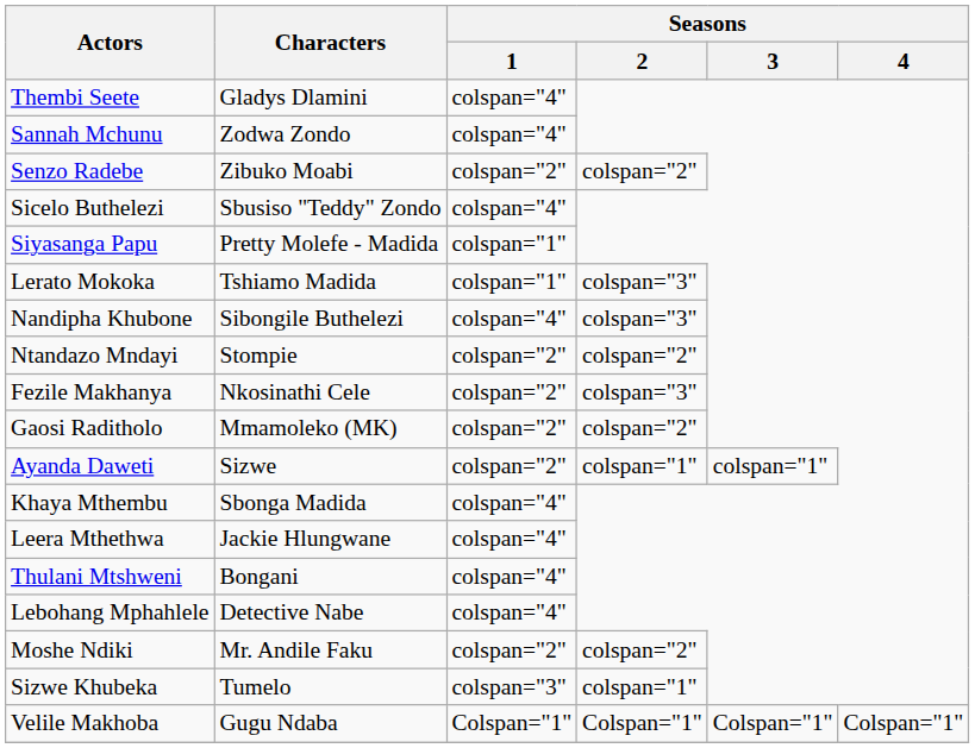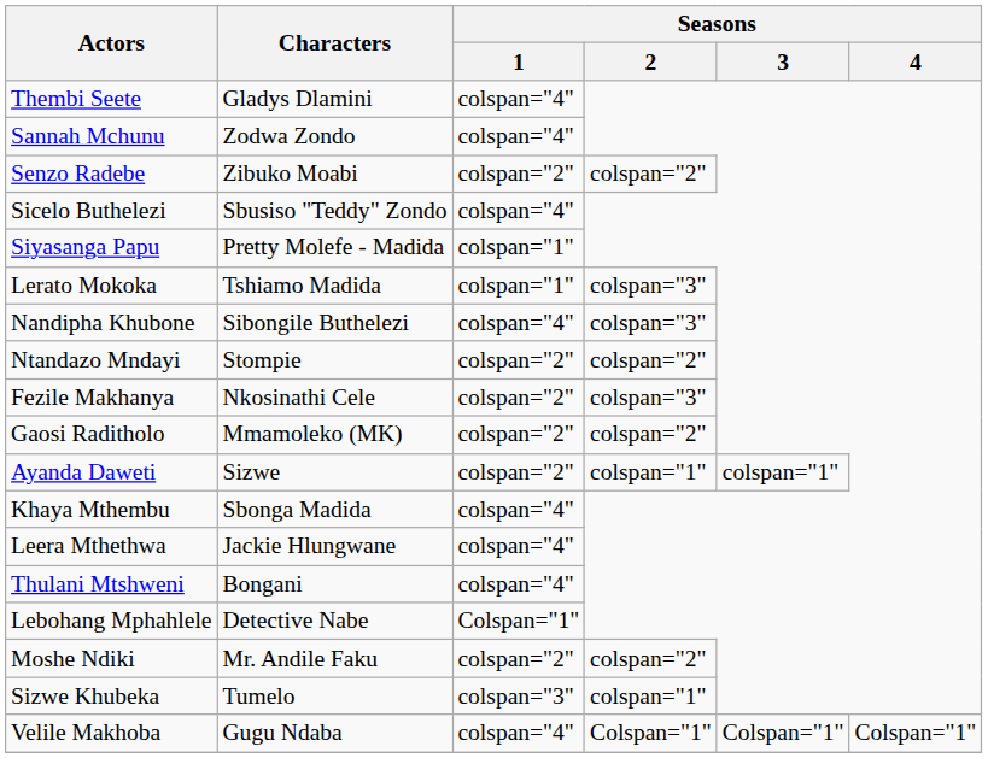 <table class="wikitable">
 <tr>
 <th rowspan="2">Actors</th>
 <th rowspan="2">Characters</th>
 <th colspan="4">Seasons</th>
 </tr>
 <tr>
 <th>1</th>
 <th>2</th>
 <th>3</th>
 <th>4</th>
 </tr>
 <tr>
 <td><a href='#'>Thembi Seete</a></td>
 <td>Gladys Dlamini</td>
 <td>colspan="4" </td>
 </tr>
 <tr>
 <td><a href='#'>Sannah Mchunu</a></td>
 <td>Zodwa Zondo</td>
 <td>colspan="4" </td>
 </tr>
 <tr>
 <td><a href='#'>Senzo Radebe</a></td>
 <td>Zibuko Moabi</td>
 <td>colspan="2" </td>
 <td>colspan="2" </td>
 </tr>
 <tr>
 <td>Sicelo Buthelezi</td>
 <td>Sbusiso "Teddy" Zondo</td>
 <td>colspan="4" </td>
 </tr>
 <tr>
 <td><a href='#'>Siyasanga Papu</a></td>
 <td>Pretty Molefe - Madida</td>
 <td>colspan="1" </td>
 </tr>
 <tr>
 <td>Lerato Mokoka</td>
 <td>Tshiamo Madida</td>
 <td>colspan="1"</td>
 <td>colspan="3" </td>
 </tr>
 <tr>
 <td>Nandipha Khubone</td>
 <td>Sibongile Buthelezi</td>
 <td>colspan="4" </td>
 <td>colspan="3"</td>
 </tr>
 <tr>
 <td>Ntandazo Mndayi</td>
 <td>Stompie</td>
 <td>colspan="2"</td>
 <td>colspan="2" </td>
 </tr>
 <tr>
 <td>Fezile Makhanya</td>
 <td>Nkosinathi Cele</td>
 <td>colspan="2" </td>
 <td>colspan="3"</td>
 </tr>
 <tr>
 <td>Gaosi Raditholo</td>
 <td>Mmamoleko (MK)</td>
 <td>colspan="2" </td>
 <td>colspan="2" </td>
 </tr>
 <tr>
 <td><a href='#'>Ayanda Daweti</a></td>
 <td>Sizwe</td>
 <td>colspan="2" </td>
 <td>colspan="1" </td>
 <td>colspan="1"</td>
 </tr>
 <tr>
 <td>Khaya Mthembu</td>
 <td>Sbonga Madida</td>
 <td>colspan="4" </td>
 </tr>
 <tr>
 <td>Leera Mthethwa</td>
 <td>Jackie Hlungwane</td>
 <td>colspan="4" </td>
 </tr>
 <tr>
 <td><a href='#'>Thulani Mtshweni</a></td>
 <td>Bongani</td>
 <td>colspan="4" </td>
 </tr>
 <tr>
 <td>Lebohang Mphahlele</td>
 <td>Detective Nabe</td>
-<td>colspan="4" </td>
+<td>Colspan="1" </td>
 </tr>
 <tr>
 <td>Moshe Ndiki</td>
 <td>Mr. Andile Faku</td>
 <td>colspan="2" </td>
 <td>colspan="2" </td>
 </tr>
 <tr>
 <td>Sizwe Khubeka</td>
 <td>Tumelo</td>
 <td>colspan="3" </td>
 <td>colspan="1" </td>
 </tr>
 <tr>
 <td>Velile Makhoba</td>
 <td>Gugu Ndaba</td>
-<td>Colspan="1" </td>
+<td>colspan="4" </td>
 <td>Colspan="1" </td>
 <td>Colspan="1" </td>
 <td>Colspan="1" </td>
 </tr>
 <tr>
 </tr>
 </table>
